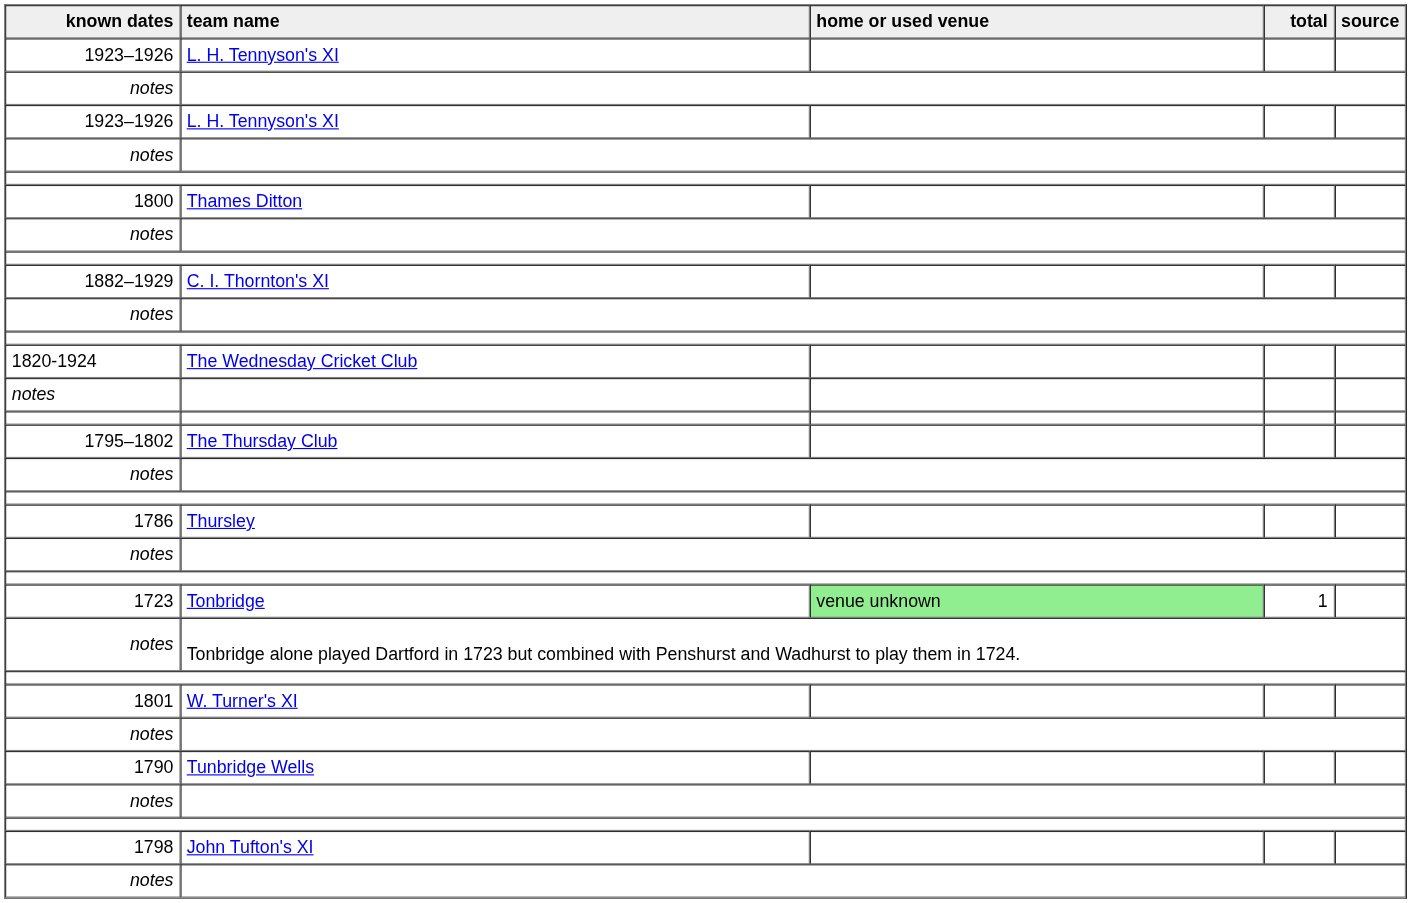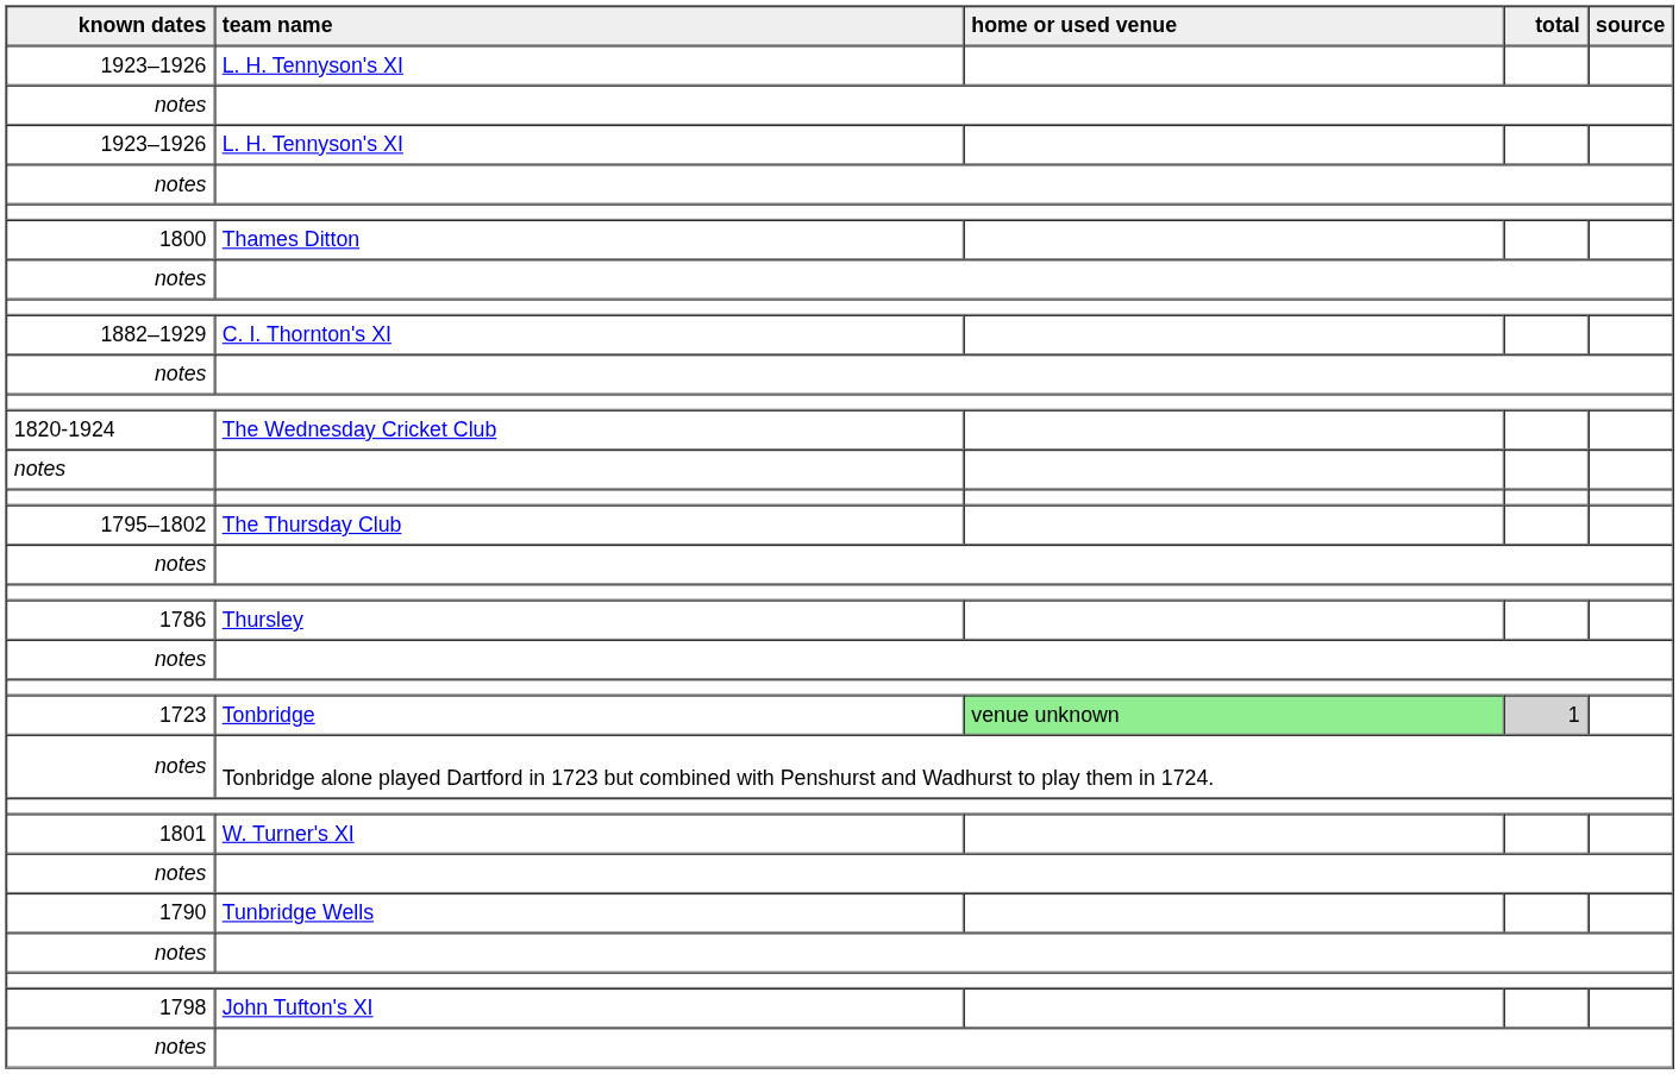 <table border="1" cellpadding="5" cellspacing="0">
 <tr style="background:#efefef;">
 <th style="width:12.5%; text-align:right;">known dates</th>
 <th style="width:45.0%; text-align:left;">team name</th>
 <th style="width:32.5%; text-align:left;">home or used venue</th>
 <th style="width:5.00%; text-align:right;">total</th>
 <th style="width:5.00%; text-align:right;">source</th>
 </tr>
 <tr>
 <td style="text-align:right;">1923–1926</td>
 <td><a href='#'>L. H. Tennyson's XI</a></td>
 <td></td>
 <td style="text-align:right;"></td>
 <td style="text-align:right;"></td>
 </tr>
 <tr>
 <td style="text-align:right;"><em>notes</em></td>
 <td colspan="4"></td>
 </tr>
 <tr>
 <td style="text-align:right;">1923–1926</td>
 <td><a href='#'>L. H. Tennyson's XI</a></td>
 <td></td>
 <td style="text-align:right;"></td>
 <td style="text-align:right;"></td>
 </tr>
 <tr>
 <td style="text-align:right;"><em>notes</em></td>
 <td colspan="4"></td>
 </tr>
 <tr>
 <td colspan="5"></td>
 </tr>
 <tr>
 <td style="text-align:right;">1800</td>
 <td><a href='#'>Thames Ditton</a></td>
 <td></td>
 <td style="text-align:right;"></td>
 <td style="text-align:right;"></td>
 </tr>
 <tr>
 <td style="text-align:right;"><em>notes</em></td>
 <td colspan="4"></td>
 </tr>
 <tr>
 <td colspan="5"></td>
 </tr>
 <tr>
 <td style="text-align:right;">1882–1929</td>
 <td><a href='#'>C. I. Thornton's XI</a></td>
 <td></td>
 <td style="text-align:right;"></td>
 <td style="text-align:right;"></td>
 </tr>
 <tr>
 <td style="text-align:right;"><em>notes</em></td>
 <td colspan="4"></td>
 </tr>
 <tr>
 <td colspan="5"></td>
 </tr>
 <tr>
 <td>1820-1924</td>
 <td><a href='#'>The Wednesday Cricket Club</a></td>
 <td></td>
 <td></td>
 <td></td>
 </tr>
 <tr>
 <td><em>notes</em></td>
 <td></td>
 <td></td>
 <td></td>
 <td></td>
 </tr>
 <tr>
 <td></td>
 <td></td>
 <td></td>
 <td></td>
 <td></td>
 </tr>
 <tr>
 <td style="text-align:right;">1795–1802</td>
 <td><a href='#'>The Thursday Club</a></td>
 <td></td>
 <td style="text-align:right;"></td>
 <td style="text-align:right;"></td>
 </tr>
 <tr>
 <td style="text-align:right;"><em>notes</em></td>
 <td colspan="4"></td>
 </tr>
 <tr>
 <td colspan="5"></td>
 </tr>
 <tr>
 <td style="text-align:right;">1786</td>
 <td><a href='#'>Thursley</a></td>
 <td></td>
 <td style="text-align:right;"></td>
 <td style="text-align:right;"></td>
 </tr>
 <tr>
 <td style="text-align:right;"><em>notes</em></td>
 <td colspan="4"></td>
 </tr>
 <tr>
 <td colspan="5"></td>
 </tr>
 <tr>
 <td style="text-align:right;">1723</td>
 <td><a href='#'>Tonbridge</a></td>
 <td style="background: lightgreen;">venue unknown</td>
-<td style="text-align:right;">1</td>
+<td style="background: lightgrey; text-align:right;">1</td>
 <td style="text-align:right;"></td>
 </tr>
 <tr>
 <td style="text-align:right;"><em>notes</em></td>
 <td colspan="4"><br>Tonbridge alone played Dartford in 1723 but combined with Penshurst and Wadhurst to play them in 1724.</td>
 </tr>
 <tr>
 <td colspan="5"></td>
 </tr>
 <tr>
 <td style="text-align:right;">1801</td>
 <td><a href='#'>W. Turner's XI</a></td>
 <td></td>
 <td style="text-align:right;"></td>
 <td style="text-align:right;"></td>
 </tr>
 <tr>
 <td style="text-align:right;"><em>notes</em></td>
 <td colspan="4"></td>
 </tr>
 <tr>
 <td style="text-align:right;">1790</td>
 <td><a href='#'>Tunbridge Wells</a></td>
 <td></td>
 <td style="text-align:right;"></td>
 <td style="text-align:right;"></td>
 </tr>
 <tr>
 <td style="text-align:right;"><em>notes</em></td>
 <td colspan="4"></td>
 </tr>
 <tr>
 <td colspan="5"></td>
 </tr>
 <tr>
 <td style="text-align:right;">1798</td>
 <td><a href='#'>John Tufton's XI</a></td>
 <td></td>
 <td style="text-align:right;"></td>
 <td style="text-align:right;"></td>
 </tr>
 <tr>
 <td style="text-align:right;"><em>notes</em></td>
 <td colspan="4"></td>
 </tr>
 </table>
